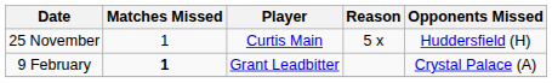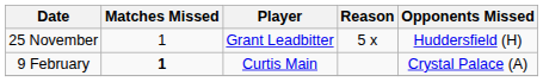 <table class="wikitable" style="text-align: center">
 <tr>
 <th>Date</th>
 <th>Matches Missed</th>
 <th>Player</th>
 <th>Reason</th>
 <th>Opponents Missed</th>
 </tr>
 <tr>
 <td>25 November</td>
 <td>1</td>
-<td><a href='#'>Curtis Main</a></td>
+<td><a href='#'>Grant Leadbitter</a></td>
 <td>5 x </td>
 <td><a href='#'>Huddersfield</a> (H)</td>
 </tr>
 <tr>
 <td>9 February</td>
 <td><strong>1</strong></td>
-<td><a href='#'>Grant Leadbitter</a></td>
+<td><a href='#'>Curtis Main</a></td>
 <td></td>
 <td><a href='#'>Crystal Palace</a> (A)</td>
 </tr>
 <tr>
 </tr>
 </table>
